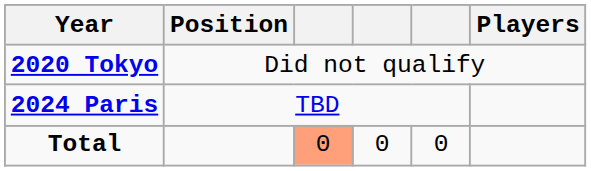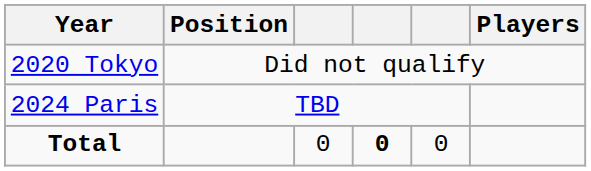 <table class="wikitable" style="text-align: center;">
 <tr>
 <th>Year</th>
 <th>Position</th>
 <th width=25px></th>
 <th width=25px></th>
 <th width=25px></th>
 <th>Players</th>
 </tr>
 <tr>
-<td style="text-align: left;"><strong> <a href='#'>2020 Tokyo</a></strong></td>
+<td style="text-align: left;"> <a href='#'>2020 Tokyo</a></td>
 <td colspan=5>Did not qualify</td>
 </tr>
 <tr>
-<td style="text-align: left;"><strong> <a href='#'>2024 Paris</a></strong></td>
+<td style="text-align: left;"> <a href='#'>2024 Paris</a></td>
 <td colspan=4><a href='#'>TBD</a></td>
 <td></td>
 </tr>
 <tr>
 <td><strong>Total</strong></td>
 <td></td>
-<td style="background: lightsalmon;">0</td>
 <td>0</td>
+<td><strong>0</strong></td>
 <td>0</td>
 <td></td>
 </tr>
 </table>
